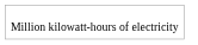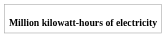 <table style="border:solid 1px #aaa;" cellpadding="7" cellspacing="0" class="floatleft">
 <tr>
 <td></td>
 </tr>
 <tr>
-<td>Million kilowatt-hours of electricity</td>
+<td><strong>Million kilowatt-hours of electricity</strong></td>
 </tr>
 </table>
